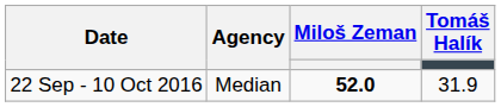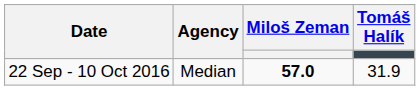 <table class="wikitable collapsible collapsed" style=text-align:center>
 <tr>
 <th rowspan="2">Date</th>
 <th rowspan="2">Agency</th>
 <th><a href='#'>Miloš Zeman</a></th>
 <th><a href='#'>Tomáš Halík</a></th>
 </tr>
 <tr>
 <th style="background:"></th>
 <th style="background:#36454F; width:40px;"></th>
 </tr>
 <tr>
 <td>22 Sep - 10 Oct 2016</td>
 <td>Median</td>
-<td><strong>52.0</strong></td>
+<td><strong>57.0</strong></td>
 <td>31.9</td>
 </tr>
 </table>
